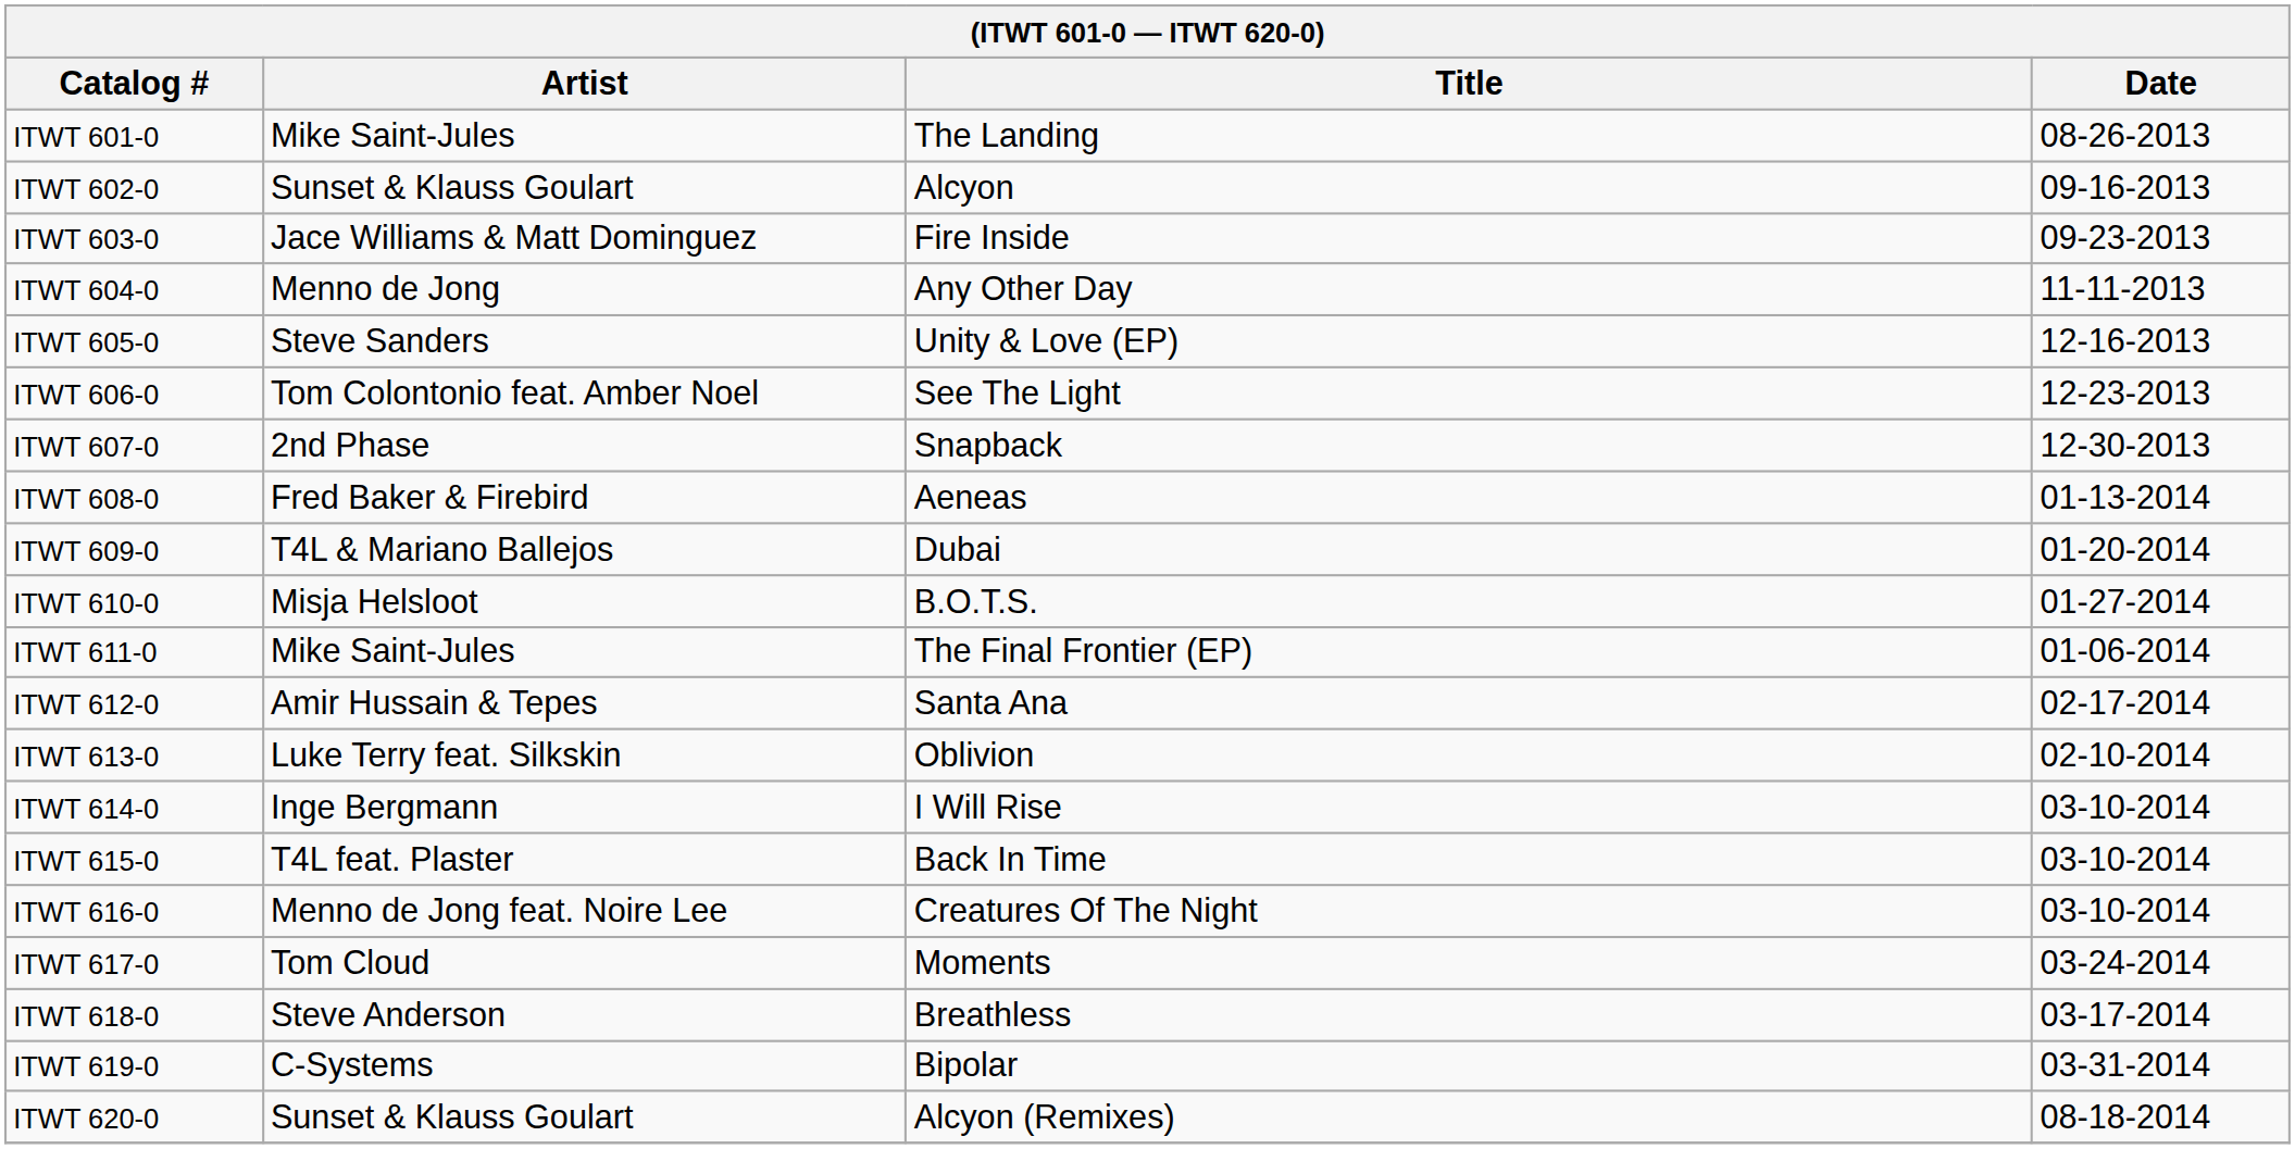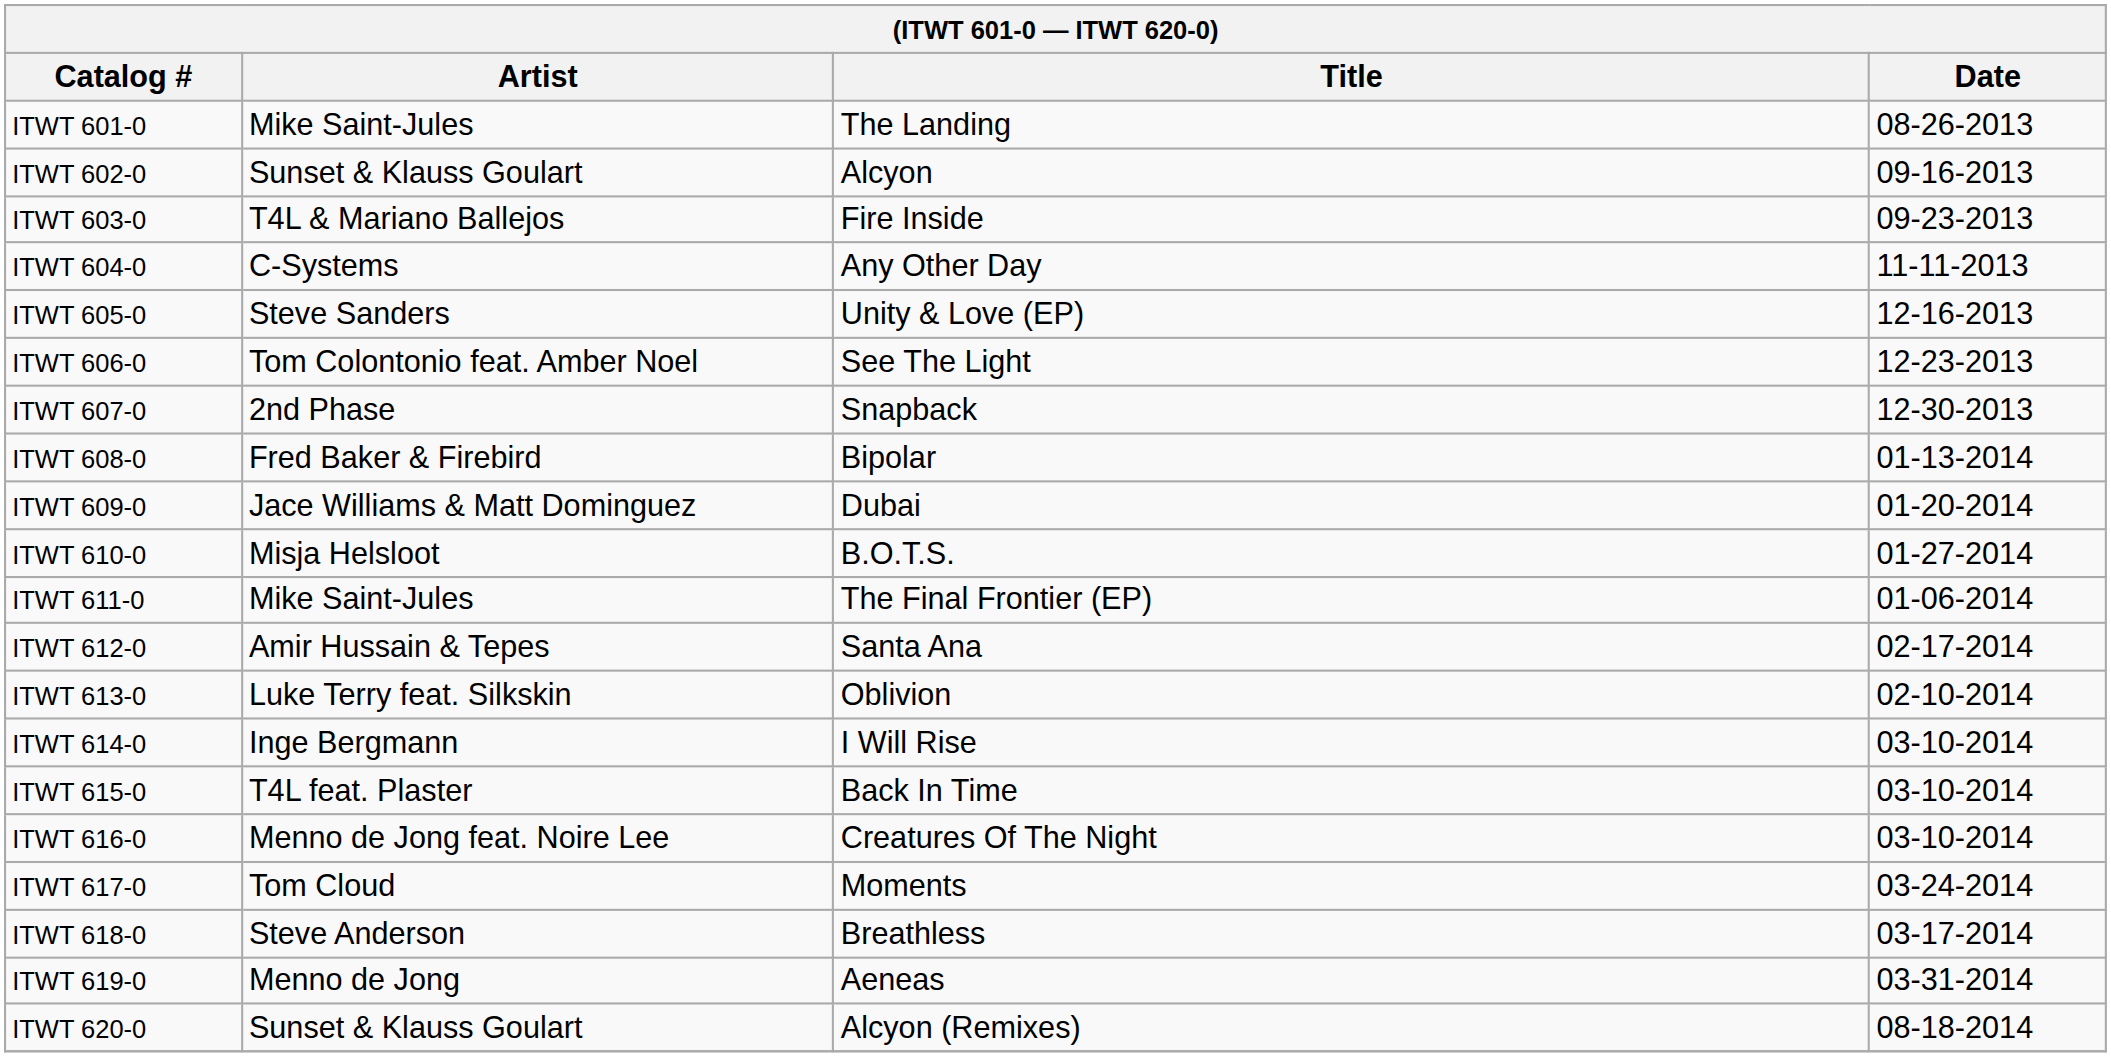 <table width="80%" class="wikitable collapsible collapsed" style="font-size:92%;position:relative;">
 <tr>
 <th colspan="5"><small>(ITWT 601-0 — ITWT 620-0)</small></th>
 </tr>
 <tr>
 <th width="8%">Catalog #</th>
 <th width="20%">Artist</th>
 <th width="35%">Title</th>
 <th width="8%">Date</th>
 </tr>
 <tr>
 <td><small>ITWT 601-0</small></td>
 <td>Mike Saint-Jules</td>
 <td>The Landing</td>
 <td>08-26-2013</td>
 </tr>
 <tr>
 <td><small>ITWT 602-0</small></td>
 <td>Sunset & Klauss Goulart</td>
 <td>Alcyon</td>
 <td>09-16-2013</td>
 </tr>
 <tr>
 <td><small>ITWT 603-0</small></td>
-<td>Jace Williams & Matt Dominguez</td>
+<td>T4L & Mariano Ballejos</td>
 <td>Fire Inside</td>
 <td>09-23-2013</td>
 </tr>
 <tr>
 <td><small>ITWT 604-0</small></td>
-<td>Menno de Jong</td>
+<td>C-Systems</td>
 <td>Any Other Day</td>
 <td>11-11-2013</td>
 </tr>
 <tr>
 <td><small>ITWT 605-0</small></td>
 <td>Steve Sanders</td>
 <td>Unity & Love (EP)</td>
 <td>12-16-2013</td>
 </tr>
 <tr>
 <td><small>ITWT 606-0</small></td>
 <td>Tom Colontonio feat. Amber Noel</td>
 <td>See The Light</td>
 <td>12-23-2013</td>
 </tr>
 <tr>
 <td><small>ITWT 607-0</small></td>
 <td>2nd Phase</td>
 <td>Snapback</td>
 <td>12-30-2013</td>
 </tr>
 <tr>
 <td><small>ITWT 608-0</small></td>
 <td>Fred Baker & Firebird</td>
-<td>Aeneas</td>
+<td>Bipolar</td>
 <td>01-13-2014</td>
 </tr>
 <tr>
 <td><small>ITWT 609-0</small></td>
-<td>T4L & Mariano Ballejos</td>
+<td>Jace Williams & Matt Dominguez</td>
 <td>Dubai</td>
 <td>01-20-2014</td>
 </tr>
 <tr>
 <td><small>ITWT 610-0</small></td>
 <td>Misja Helsloot</td>
 <td>B.O.T.S.</td>
 <td>01-27-2014</td>
 </tr>
 <tr>
 <td><small>ITWT 611-0</small></td>
 <td>Mike Saint-Jules</td>
 <td>The Final Frontier (EP)</td>
 <td>01-06-2014</td>
 </tr>
 <tr>
 <td><small>ITWT 612-0</small></td>
 <td>Amir Hussain & Tepes</td>
 <td>Santa Ana</td>
 <td>02-17-2014</td>
 </tr>
 <tr>
 <td><small>ITWT 613-0</small></td>
 <td>Luke Terry feat. Silkskin</td>
 <td>Oblivion</td>
 <td>02-10-2014</td>
 </tr>
 <tr>
 <td><small>ITWT 614-0</small></td>
 <td>Inge Bergmann</td>
 <td>I Will Rise</td>
 <td>03-10-2014</td>
 </tr>
 <tr>
 <td><small>ITWT 615-0</small></td>
 <td>T4L feat. Plaster</td>
 <td>Back In Time</td>
 <td>03-10-2014</td>
 </tr>
 <tr>
 <td><small>ITWT 616-0</small></td>
 <td>Menno de Jong feat. Noire Lee</td>
 <td>Creatures Of The Night</td>
 <td>03-10-2014</td>
 </tr>
 <tr>
 <td><small>ITWT 617-0</small></td>
 <td>Tom Cloud</td>
 <td>Moments</td>
 <td>03-24-2014</td>
 </tr>
 <tr>
 <td><small>ITWT 618-0</small></td>
 <td>Steve Anderson</td>
 <td>Breathless</td>
 <td>03-17-2014</td>
 </tr>
 <tr>
 <td><small>ITWT 619-0</small></td>
-<td>C-Systems</td>
-<td>Bipolar</td>
+<td>Menno de Jong</td>
+<td>Aeneas</td>
 <td>03-31-2014</td>
 </tr>
 <tr>
 <td><small>ITWT 620-0</small></td>
 <td>Sunset & Klauss Goulart</td>
 <td>Alcyon (Remixes)</td>
 <td>08-18-2014</td>
 </tr>
 <tr>
 </tr>
 </table>
